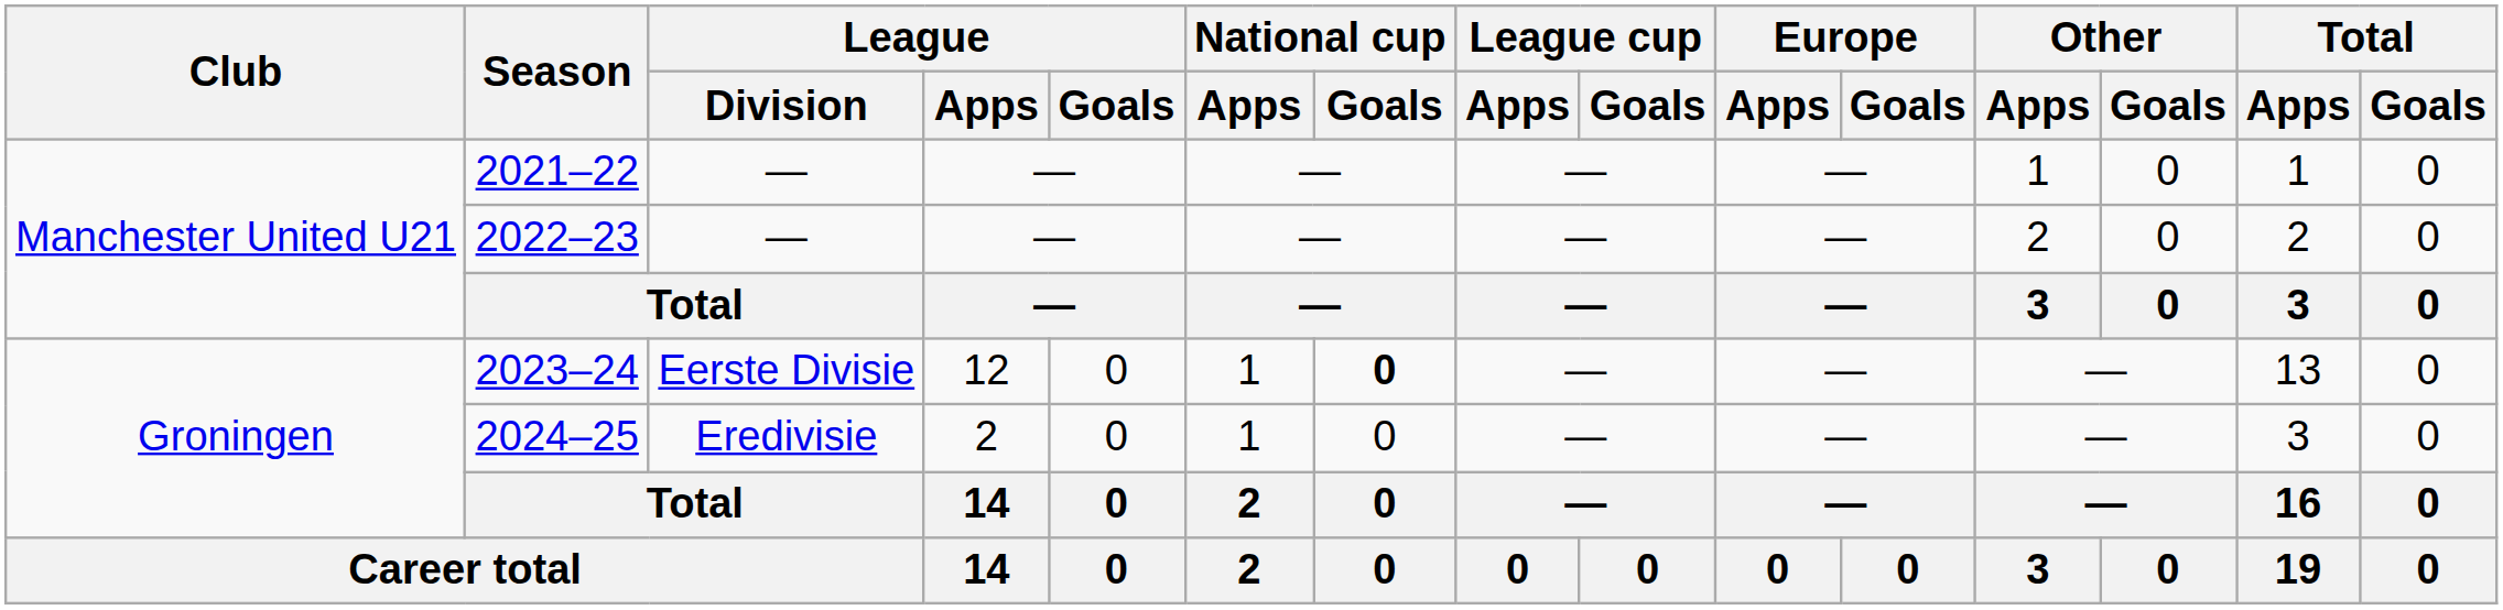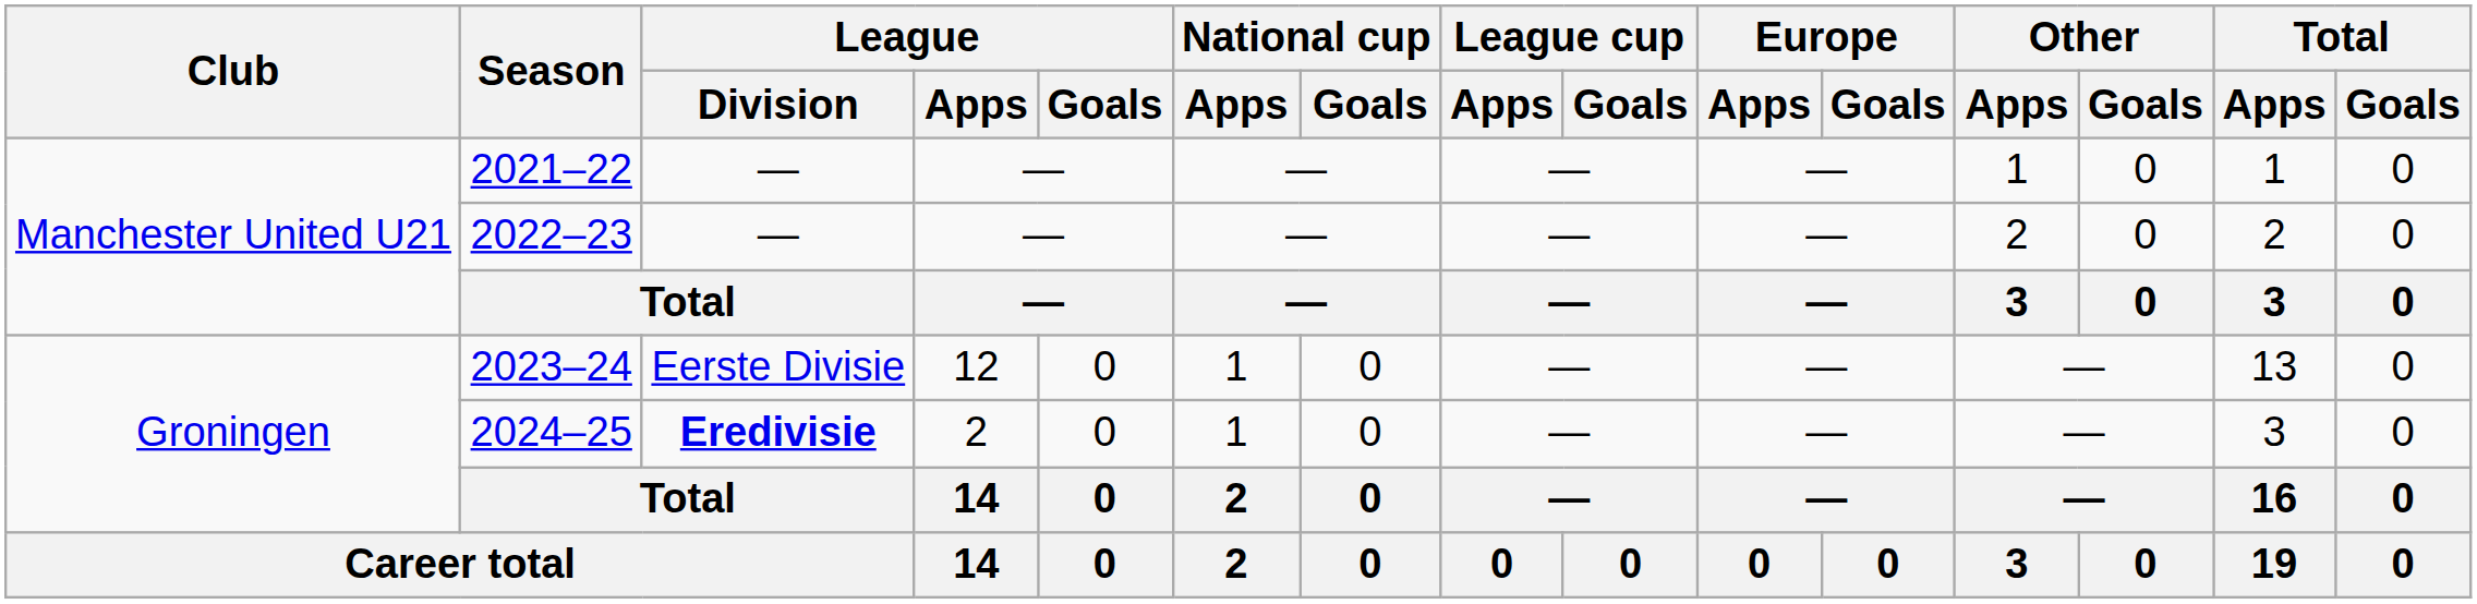 <table class=wikitable style=text-align:center>
 <tr>
 <th rowspan=2>Club</th>
 <th rowspan=2>Season</th>
 <th colspan=3>League</th>
 <th colspan=2>National cup</th>
 <th colspan=2>League cup</th>
 <th colspan=2>Europe</th>
 <th colspan=2>Other</th>
 <th colspan=2>Total</th>
 </tr>
 <tr>
 <th>Division</th>
 <th>Apps</th>
 <th>Goals</th>
 <th>Apps</th>
 <th>Goals</th>
 <th>Apps</th>
 <th>Goals</th>
 <th>Apps</th>
 <th>Goals</th>
 <th>Apps</th>
 <th>Goals</th>
 <th>Apps</th>
 <th>Goals</th>
 </tr>
 <tr>
 <td rowspan=3><a href='#'>Manchester United U21</a></td>
 <td><a href='#'>2021–22</a></td>
 <td>—</td>
 <td colspan=2>—</td>
 <td colspan=2>—</td>
 <td colspan=2>—</td>
 <td colspan=2>—</td>
 <td>1</td>
 <td>0</td>
 <td>1</td>
 <td>0</td>
 </tr>
 <tr>
 <td><a href='#'>2022–23</a></td>
 <td>—</td>
 <td colspan=2>—</td>
 <td colspan=2>—</td>
 <td colspan=2>—</td>
 <td colspan=2>—</td>
 <td>2</td>
 <td>0</td>
 <td>2</td>
 <td>0</td>
 </tr>
 <tr>
 <th colspan=2>Total</th>
 <th colspan=2>—</th>
 <th colspan=2>—</th>
 <th colspan=2>—</th>
 <th colspan=2>—</th>
 <th>3</th>
 <th>0</th>
 <th>3</th>
 <th>0</th>
 </tr>
 <tr>
 <td rowspan="3"><a href='#'>Groningen</a></td>
 <td><a href='#'>2023–24</a></td>
 <td><a href='#'>Eerste Divisie</a></td>
 <td>12</td>
 <td>0</td>
 <td>1</td>
-<td><strong>0</strong></td>
+<td>0</td>
 <td colspan=2>—</td>
 <td colspan=2>—</td>
 <td colspan=2>—</td>
 <td>13</td>
 <td>0</td>
 </tr>
 <tr>
 <td><a href='#'>2024–25</a></td>
-<td><a href='#'>Eredivisie</a></td>
+<td><strong><a href='#'>Eredivisie</a></strong></td>
 <td>2</td>
 <td>0</td>
 <td>1</td>
 <td>0</td>
 <td colspan=2>—</td>
 <td colspan=2>—</td>
 <td colspan=2>—</td>
 <td>3</td>
 <td>0</td>
 </tr>
 <tr>
 <th colspan=2>Total</th>
 <th>14</th>
 <th>0</th>
 <th>2</th>
 <th>0</th>
 <th colspan=2>—</th>
 <th colspan=2>—</th>
 <th colspan=2>—</th>
 <th>16</th>
 <th>0</th>
 </tr>
 <tr>
 <th colspan=3>Career total</th>
 <th>14</th>
 <th>0</th>
 <th>2</th>
 <th>0</th>
 <th>0</th>
 <th>0</th>
 <th>0</th>
 <th>0</th>
 <th>3</th>
 <th>0</th>
 <th>19</th>
 <th>0</th>
 </tr>
 </table>
